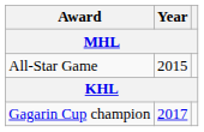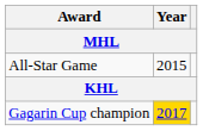 <table class="wikitable">
 <tr>
 <th>Award</th>
 <th>Year</th>
 <th></th>
 </tr>
 <tr>
 <th colspan="3"><a href='#'>MHL</a></th>
 </tr>
 <tr>
 <td>All-Star Game</td>
 <td>2015</td>
 <td></td>
 </tr>
 <tr>
 <th colspan="3"><a href='#'>KHL</a></th>
 </tr>
 <tr>
 <td><a href='#'>Gagarin Cup</a> champion</td>
-<td><a href='#'>2017</a></td>
+<td style="background: gold;"><a href='#'>2017</a></td>
 <td></td>
 </tr>
 </table>
